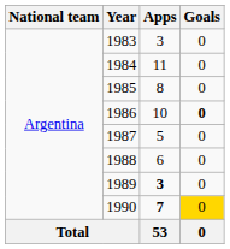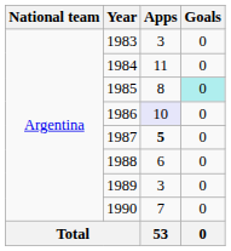 <table class="wikitable" style="text-align:center">
 <tr>
 <th>National team</th>
 <th>Year</th>
 <th>Apps</th>
 <th>Goals</th>
 </tr>
 <tr>
 <td rowspan="8"><a href='#'>Argentina</a></td>
 <td>1983</td>
 <td>3</td>
 <td>0</td>
 </tr>
 <tr>
 <td>1984</td>
 <td>11</td>
 <td>0</td>
 </tr>
 <tr>
 <td>1985</td>
 <td>8</td>
+<td style="background: paleturquoise;">0</td>
+</tr>
+<tr>
+<td>1986</td>
+<td style="background: lavender;">10</td>
 <td>0</td>
 </tr>
 <tr>
-<td>1986</td>
-<td>10</td>
-<td><strong>0</strong></td>
-</tr>
-<tr>
 <td>1987</td>
-<td>5</td>
+<td><strong>5</strong></td>
 <td>0</td>
 </tr>
 <tr>
 <td>1988</td>
 <td>6</td>
 <td>0</td>
 </tr>
 <tr>
 <td>1989</td>
-<td><strong>3</strong></td>
+<td>3</td>
 <td>0</td>
 </tr>
 <tr>
 <td>1990</td>
-<td><strong>7</strong></td>
-<td style="background: gold;">0</td>
+<td>7</td>
+<td>0</td>
 </tr>
 <tr>
 <th colspan="2">Total</th>
 <th>53</th>
 <th>0</th>
 </tr>
 </table>
